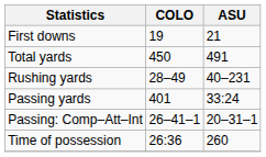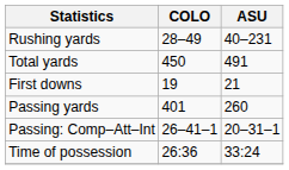 <table class="wikitable" style="float: left;">
 <tr>
 <th>Statistics</th>
 <th>COLO</th>
 <th>ASU</th>
 </tr>
 <tr>
-<td>First downs</td>
-<td>19</td>
-<td>21</td>
+<td>Rushing yards</td>
+<td>28–49</td>
+<td>40–231</td>
 </tr>
 <tr>
 <td>Total yards</td>
 <td>450</td>
 <td>491</td>
 </tr>
 <tr>
-<td>Rushing yards</td>
-<td>28–49</td>
-<td>40–231</td>
+<td>First downs</td>
+<td>19</td>
+<td>21</td>
 </tr>
 <tr>
 <td>Passing yards</td>
 <td>401</td>
-<td>33:24</td>
+<td>260</td>
 </tr>
 <tr>
 <td>Passing: Comp–Att–Int</td>
 <td>26–41–1</td>
 <td>20–31–1</td>
 </tr>
 <tr>
 <td>Time of possession</td>
 <td>26:36</td>
-<td>260</td>
+<td>33:24</td>
 </tr>
 <tr>
 </tr>
 </table>
